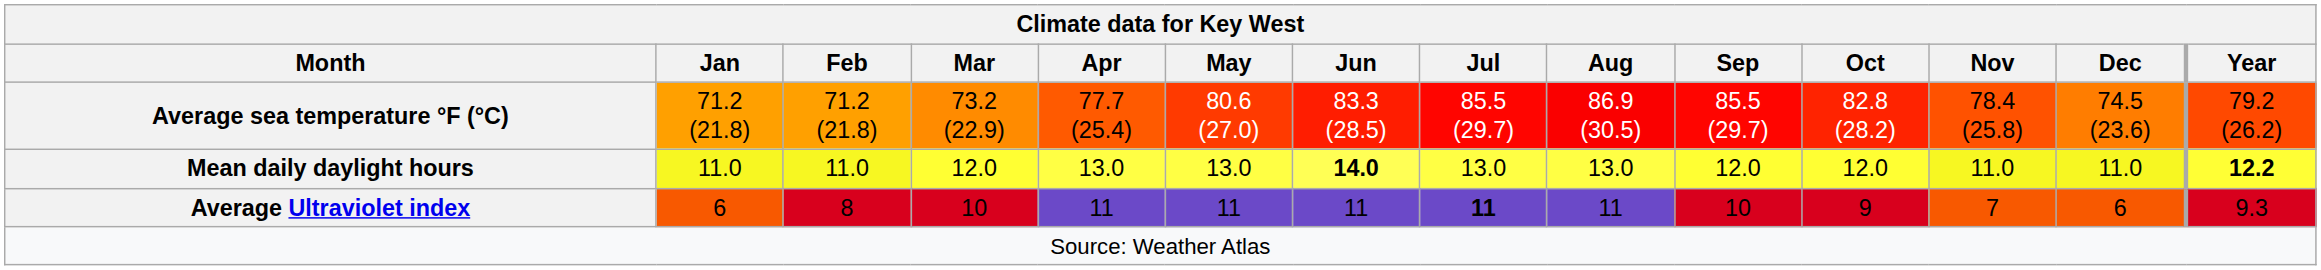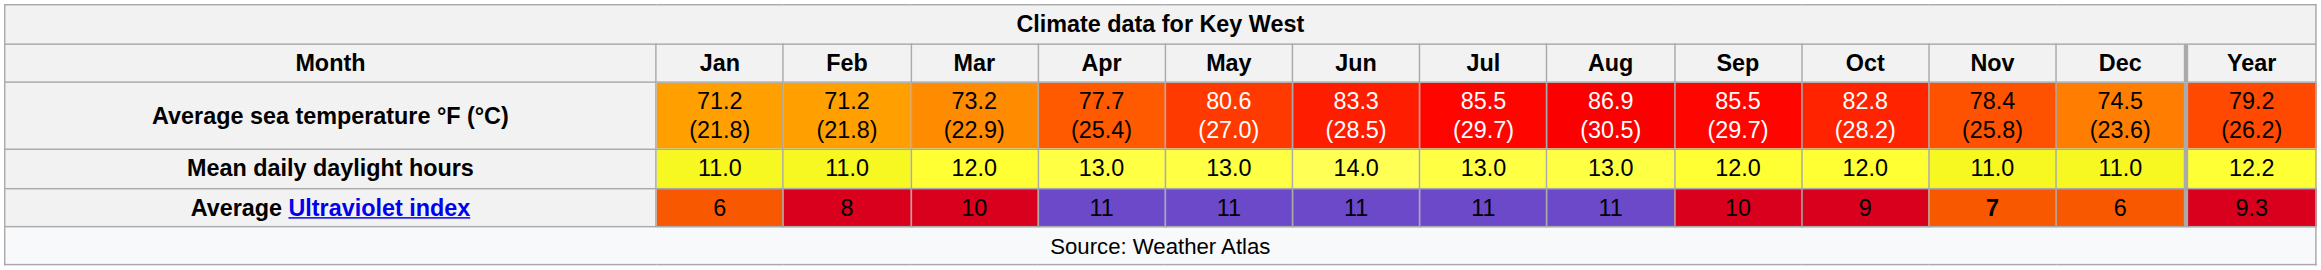 <table style="width:100%;text-align:center;line-height:1.2em;margin-left:auto;margin-right:auto" class="wikitable mw-collapsible">
 <tr>
 <th Colspan=14>Climate data for Key West</th>
 </tr>
 <tr>
 <th>Month</th>
 <th>Jan</th>
 <th>Feb</th>
 <th>Mar</th>
 <th>Apr</th>
 <th>May</th>
 <th>Jun</th>
 <th>Jul</th>
 <th>Aug</th>
 <th>Sep</th>
 <th>Oct</th>
 <th>Nov</th>
 <th>Dec</th>
 <th style="border-left-width:medium">Year</th>
 </tr>
 <tr>
 <th>Average sea temperature °F (°C)</th>
 <td style="background:#FFA000;color:#000000;">71.2 <br>(21.8)</td>
 <td style="background:#FFA000;color:#000000;">71.2 <br>(21.8)</td>
 <td style="background:#FF8B00;color:#000000;">73.2 <br>(22.9)</td>
 <td style="background:#FF5A00;color:#000000;">77.7 <br>(25.4)</td>
 <td style="background:#FF3A00;color:#FFFFFF;">80.6 <br>(27.0)</td>
 <td style="background:#FF1D00;color:#FFFFFF;">83.3 <br>(28.5)</td>
 <td style="background:#FF0500;color:#FFFFFF;">85.5 <br>(29.7)</td>
 <td style="background:#FA0000;color:#FFFFFF;">86.9 <br>(30.5)</td>
 <td style="background:#FF0500;color:#FFFFFF;">85.5 <br>(29.7)</td>
 <td style="background:#FF2300;color:#FFFFFF;">82.8 <br>(28.2)</td>
 <td style="background:#FF5200;color:#000000;">78.4 <br>(25.8)</td>
 <td style="background:#FF7D00;color:#000000;">74.5 <br>(23.6)</td>
 <td style="background:#FF4900;color:#000000;border-left-width:medium">79.2 <br>(26.2)</td>
 </tr>
 <tr>
 <th>Mean daily daylight hours</th>
 <td style="background:#F7F722;color:#000000;">11.0</td>
 <td style="background:#F7F722;color:#000000;">11.0</td>
 <td style="background:#FFFF33;color:#000000;">12.0</td>
 <td style="background:#FFFF44;color:#000000;">13.0</td>
 <td style="background:#FFFF44;color:#000000;">13.0</td>
-<td style="background:#FFFF55;color:#000000;"><strong>14.0</strong></td>
+<td style="background:#FFFF55;color:#000000;">14.0</td>
 <td style="background:#FFFF44;color:#000000;">13.0</td>
 <td style="background:#FFFF44;color:#000000;">13.0</td>
 <td style="background:#FFFF33;color:#000000;">12.0</td>
 <td style="background:#FFFF33;color:#000000;">12.0</td>
 <td style="background:#F7F722;color:#000000;">11.0</td>
 <td style="background:#F7F722;color:#000000;">11.0</td>
-<td style="background:#FFFF35;color:#000000;border-left-width:medium"><strong>12.2</strong></td>
+<td style="background:#FFFF35;color:#000000;border-left-width:medium">12.2</td>
 </tr>
 <tr>
 <th>Average <a href='#'>Ultraviolet index</a></th>
 <td style="background:#f85900;color:#000000;">6</td>
 <td style="background:#d8001d;color:#000000;">8</td>
 <td style="background:#d8001d;color:#000000;">10</td>
 <td style="background:#6b49c8;color:#000000;">11</td>
 <td style="background:#6b49c8;color:#000000;">11</td>
 <td style="background:#6b49c8;color:#000000;">11</td>
-<td style="background:#6b49c8;color:#000000;"><strong>11</strong></td>
+<td style="background:#6b49c8;color:#000000;">11</td>
 <td style="background:#6b49c8;color:#000000;">11</td>
 <td style="background:#d8001d;color:#000000;">10</td>
 <td style="background:#d8001d;color:#000000;">9</td>
-<td style="background:#f85900;color:#000000;">7</td>
+<td style="background:#f85900;color:#000000;"><strong>7</strong></td>
 <td style="background:#f85900;color:#000000;">6</td>
 <td style="background:#d8001d;color:#000000;border-left-width:medium">9.3</td>
 </tr>
 <tr>
 <th Colspan=14 style="background:#f8f9fa;font-weight:normal;font-size:95%;">Source: Weather Atlas</th>
 </tr>
 </table>
